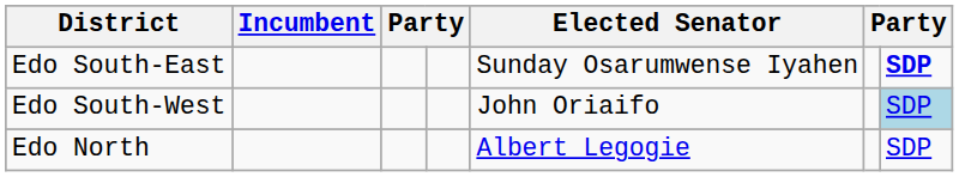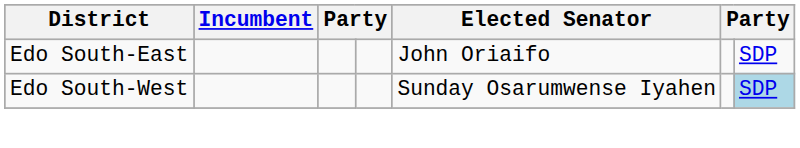 <table class="sortable wikitable" style="font-size:95%;line-height:14px;">
 <tr>
 <th class="unsortable">District</th>
 <th class="unsortable"><a href='#'>Incumbent</a></th>
 <th colspan="2">Party</th>
 <th class="unsortable">Elected Senator</th>
 <th colspan="2">Party</th>
 </tr>
 <tr>
 <td>Edo South-East</td>
 <td></td>
 <td></td>
 <td></td>
-<td>Sunday Osarumwense Iyahen</td>
+<td>John Oriaifo</td>
 <td style="background:"></td>
-<td><strong><a href='#'>SDP</a></strong></td>
+<td><a href='#'>SDP</a></td>
 </tr>
 <tr>
 <td>Edo South-West</td>
 <td></td>
 <td></td>
 <td></td>
-<td>John Oriaifo</td>
+<td>Sunday Osarumwense Iyahen</td>
 <td style="background:"></td>
 <td style="background: lightblue;"><a href='#'>SDP</a></td>
 </tr>
-<tr>
-<td>Edo North</td>
-<td></td>
-<td></td>
-<td></td>
-<td><a href='#'>Albert Legogie</a></td>
-<td style="background:"></td>
-<td><a href='#'>SDP</a></td>
-</tr>
 </table>
